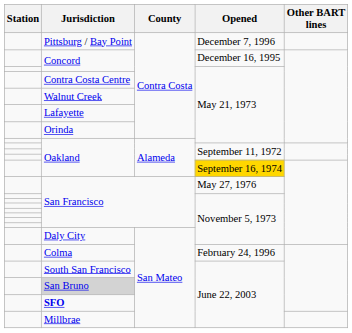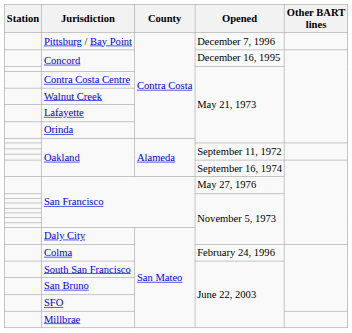 <table class=wikitable>
 <tr>
 <th>Station</th>
 <th>Jurisdiction</th>
 <th>County</th>
 <th>Opened</th>
 <th>Other BART<br>lines</th>
 </tr>
 <tr>
 <td></td>
 <td><a href='#'>Pittsburg</a> / <a href='#'>Bay Point</a></td>
 <td rowspan="7"><a href='#'>Contra Costa</a></td>
 <td>December 7, 1996</td>
 <td></td>
 </tr>
 <tr>
 <td></td>
 <td rowspan="2"><a href='#'>Concord</a></td>
 <td>December 16, 1995</td>
 <td rowspan="7"></td>
 </tr>
 <tr>
 <td></td>
 <td rowspan="6">May 21, 1973</td>
 </tr>
 <tr>
 <td></td>
 <td><a href='#'>Contra Costa Centre</a></td>
 </tr>
 <tr>
 <td></td>
 <td><a href='#'>Walnut Creek</a></td>
 </tr>
 <tr>
 <td></td>
 <td><a href='#'>Lafayette</a></td>
 </tr>
 <tr>
 <td></td>
 <td><a href='#'>Orinda</a></td>
 </tr>
 <tr>
 <td></td>
 <td rowspan="5"><a href='#'>Oakland</a></td>
 <td rowspan="5"><a href='#'>Alameda</a></td>
 </tr>
 <tr>
 <td></td>
 <td rowspan="3">September 11, 1972</td>
 <td rowspan="3"><br></td>
 </tr>
 <tr>
 <td></td>
 </tr>
 <tr>
 <td></td>
 </tr>
 <tr>
 <td></td>
-<td style="background: gold;">September 16, 1974</td>
+<td>September 16, 1974</td>
 <td rowspan="10"><br><br></td>
 </tr>
 <tr>
 <td></td>
 <td rowspan="8" colspan="2"><a href='#'>San Francisco</a></td>
 <td>May 27, 1976</td>
 </tr>
 <tr>
 <td></td>
 <td rowspan="8">November 5, 1973</td>
 </tr>
 <tr>
 <td></td>
 </tr>
 <tr>
 <td></td>
 </tr>
 <tr>
 <td></td>
 </tr>
 <tr>
 <td></td>
 </tr>
 <tr>
 <td></td>
 </tr>
 <tr>
 <td></td>
 </tr>
 <tr>
 <td></td>
 <td><a href='#'>Daly City</a></td>
 <td rowspan="6"><a href='#'>San Mateo</a></td>
 </tr>
 <tr>
 <td></td>
 <td><a href='#'>Colma</a></td>
 <td>February 24, 1996</td>
 <td rowspan="4"></td>
 </tr>
 <tr>
 <td></td>
 <td><a href='#'>South San Francisco</a></td>
 <td rowspan="4">June 22, 2003</td>
 </tr>
 <tr>
 <td></td>
-<td style="background: lightgrey;"><a href='#'>San Bruno</a></td>
+<td><a href='#'>San Bruno</a></td>
 </tr>
 <tr>
 <td></td>
-<td><strong><a href='#'>SFO</a></strong></td>
+<td><a href='#'>SFO</a></td>
 </tr>
 <tr>
 <td> </td>
 <td><a href='#'>Millbrae</a></td>
 <td></td>
 </tr>
 </table>
